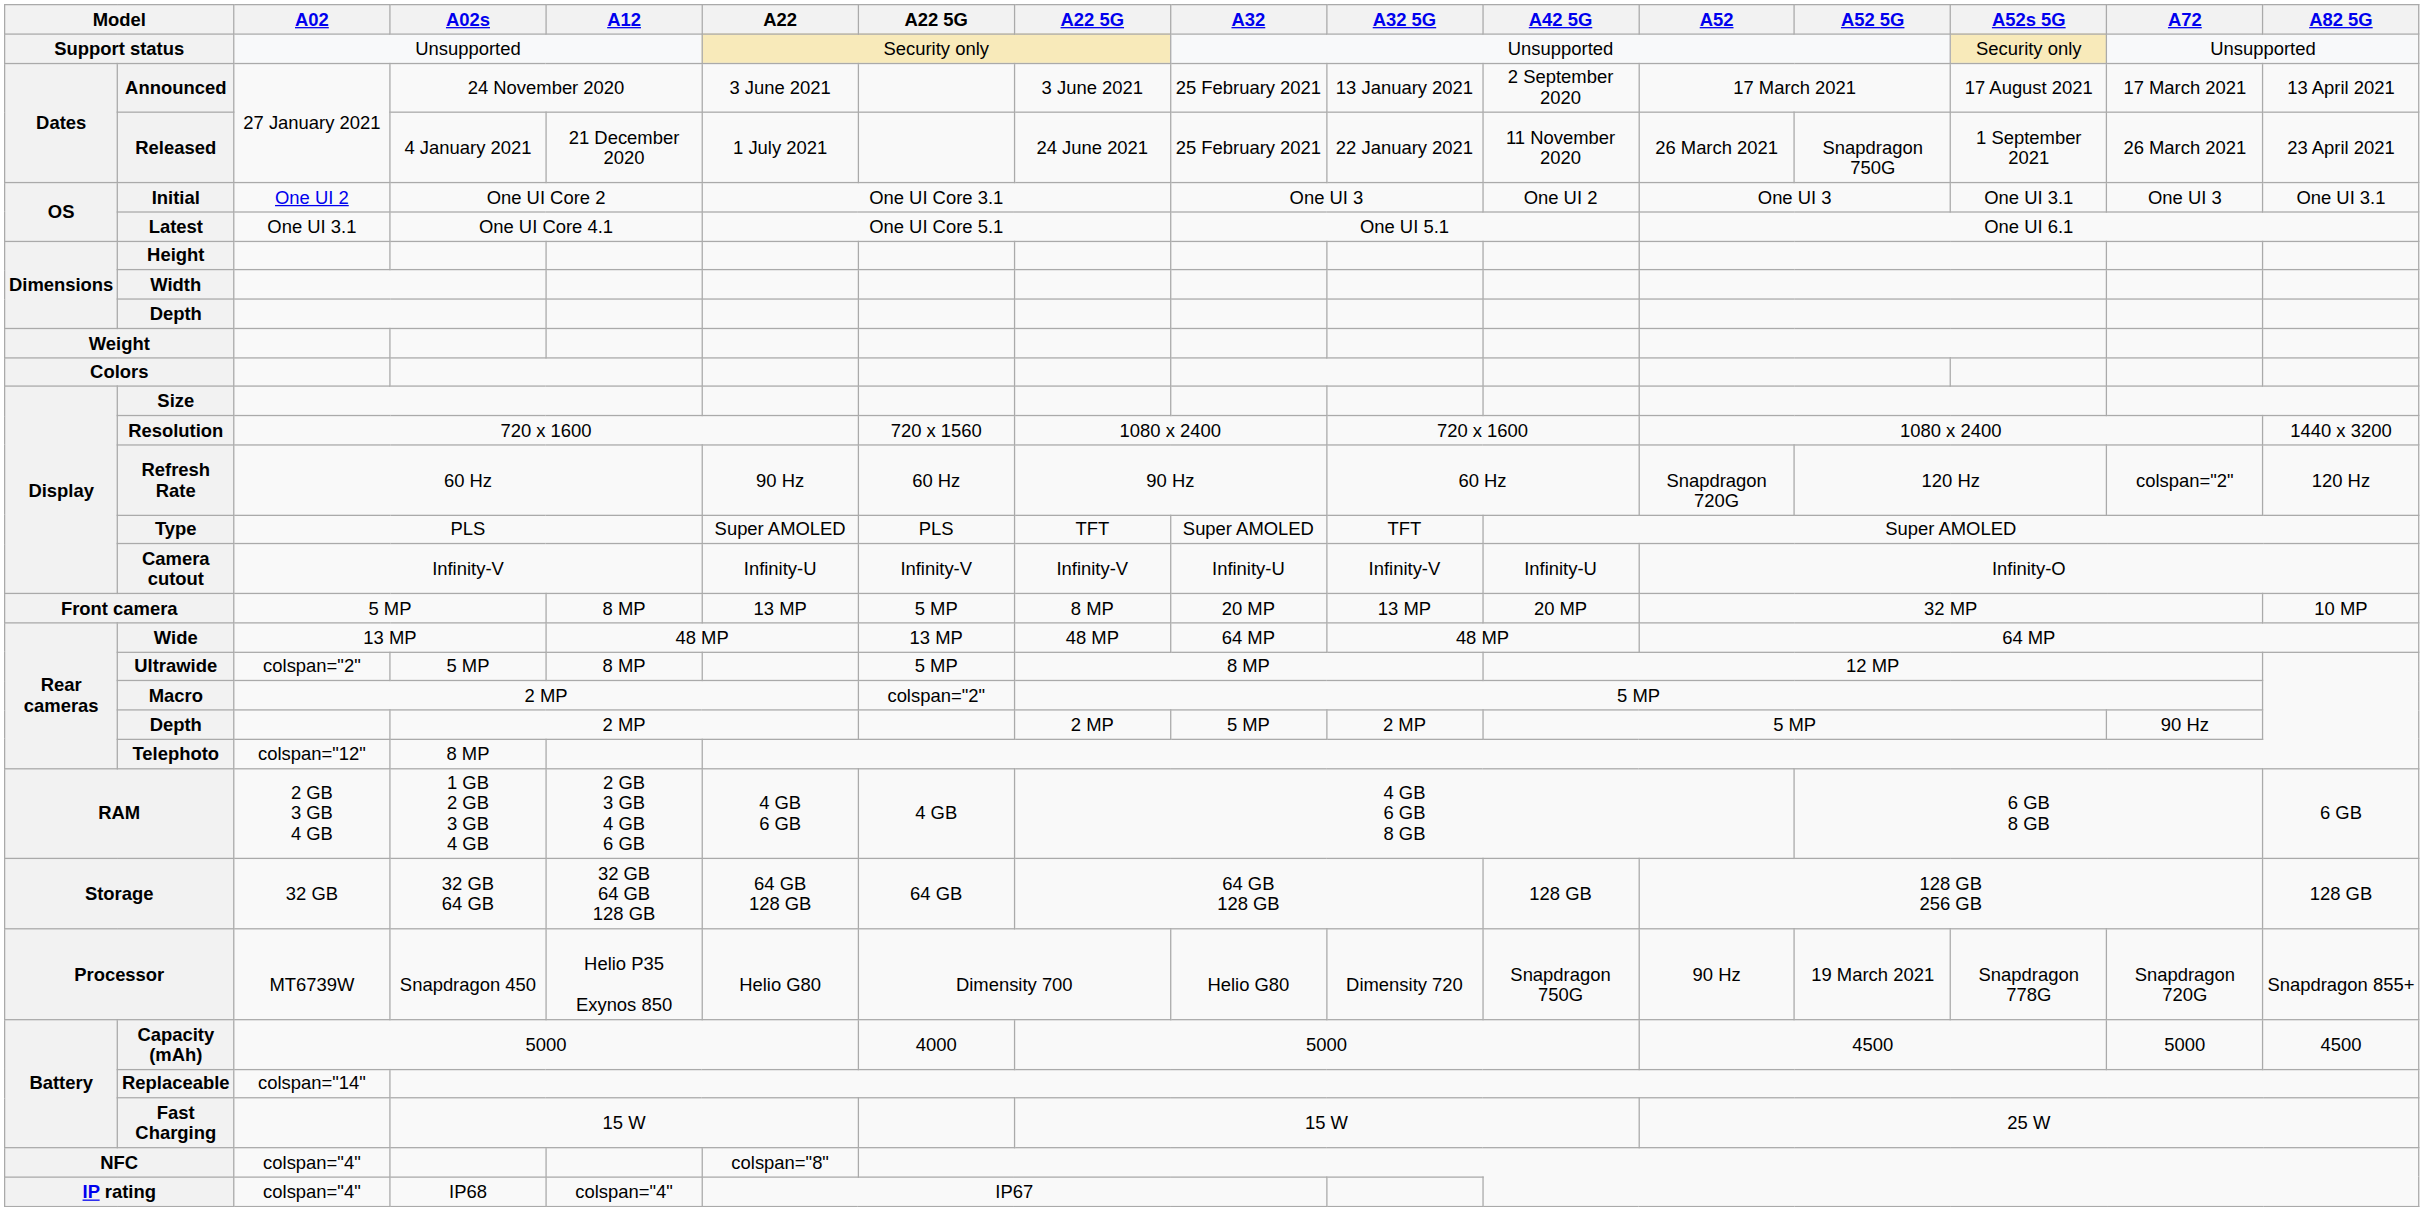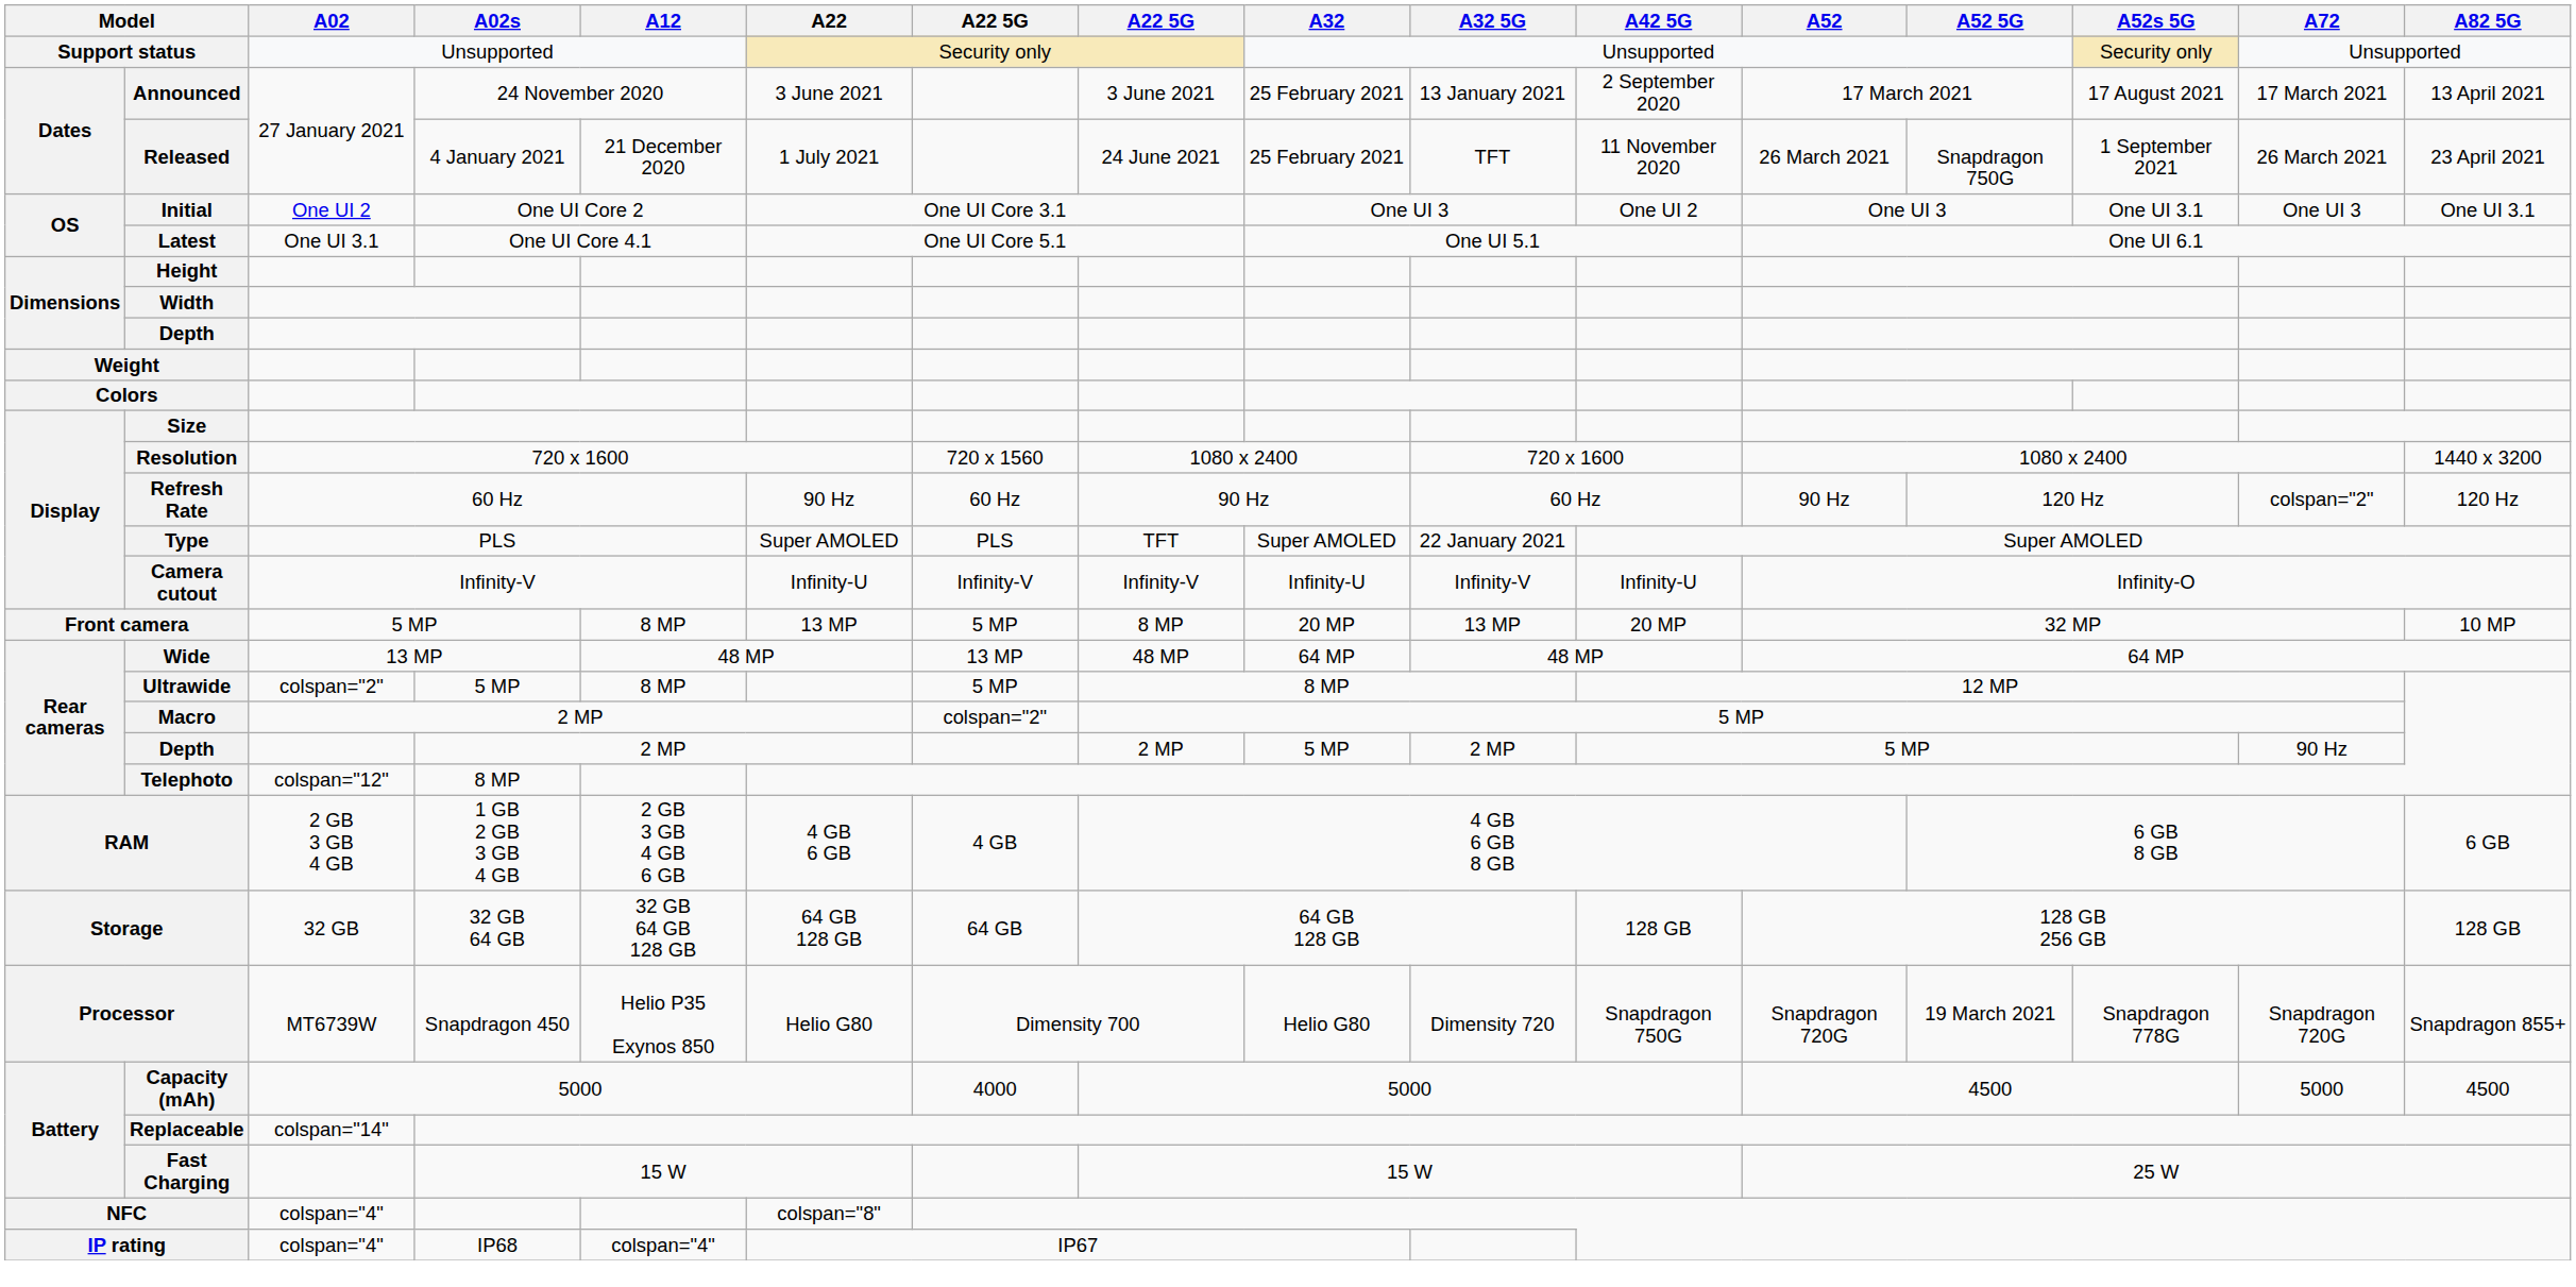 <table class="wikitable" style="text-align:center; font-size:90%;">
 <tr>
 <th colspan="2">Model</th>
 <th style="min-width: 8em"><a href='#'>A02</a></th>
 <th style="min-width: 8em"><a href='#'>A02s</a></th>
 <th style="min-width: 8em"><a href='#'>A12</a></th>
 <th style="min-width: 8em">A22</th>
 <th style="min-width: 8em">A22 5G<br></th>
 <th style="min-width: 8em"><a href='#'>A22 5G</a></th>
 <th style="min-width: 8em"><a href='#'>A32</a></th>
 <th style="min-width: 8em"><a href='#'>A32 5G</a></th>
 <th style="min-width: 8em"><a href='#'>A42 5G</a></th>
 <th style="min-width: 8em"><a href='#'>A52</a></th>
 <th style="min-width: 8em"><a href='#'>A52 5G</a></th>
 <th style="min-width: 8em"><a href='#'>A52s 5G</a></th>
 <th style="min-width: 8em"><a href='#'>A72</a></th>
 <th style="min-width: 8em"><a href='#'>A82 5G</a></th>
 </tr>
 <tr>
 <th colspan="2">Support status</th>
 <td style="background:#f8f9fa" colspan="3">Unsupported</td>
 <td style="background:#f8eaba" colspan="3">Security only</td>
 <td style="background:#f8f9fa" colspan="5">Unsupported</td>
 <td style="background:#f8eaba" colspan="1">Security only</td>
 <td style="background:#f8f9fa" colspan="2">Unsupported</td>
 </tr>
 <tr>
 <th rowspan="2">Dates</th>
 <th>Announced</th>
 <td rowspan="2">27 January 2021</td>
 <td colspan="2">24 November 2020</td>
 <td>3 June 2021</td>
 <td></td>
 <td>3 June 2021</td>
 <td>25 February 2021</td>
 <td>13 January 2021</td>
 <td>2 September 2020</td>
 <td colspan="2">17 March 2021</td>
 <td>17 August 2021</td>
 <td>17 March 2021</td>
 <td>13 April 2021</td>
 </tr>
 <tr>
 <th>Released</th>
 <td>4 January 2021</td>
 <td>21 December 2020</td>
 <td>1 July 2021</td>
 <td></td>
 <td>24 June 2021</td>
 <td>25 February 2021</td>
-<td>22 January 2021</td>
+<td>TFT</td>
 <td>11 November 2020</td>
 <td>26 March 2021</td>
 <td><br>Snapdragon 750G</td>
 <td>1 September 2021</td>
 <td>26 March 2021</td>
 <td>23 April 2021</td>
 </tr>
 <tr>
 <th rowspan="2">OS</th>
 <th>Initial</th>
 <td><a href='#'>One UI 2</a><br></td>
 <td colspan="2">One UI Core 2<br></td>
 <td colspan="3">One UI Core 3.1<br></td>
 <td colspan="2">One UI 3<br></td>
 <td>One UI 2<br></td>
 <td colspan="2">One UI 3<br></td>
 <td>One UI 3.1<br></td>
 <td>One UI 3<br></td>
 <td>One UI 3.1<br></td>
 </tr>
 <tr>
 <th>Latest</th>
 <td>One UI 3.1<br></td>
 <td colspan="2">One UI Core 4.1<br></td>
 <td colspan="3">One UI Core 5.1<br></td>
 <td colspan="3">One UI 5.1<br></td>
 <td colspan="5">One UI 6.1<br></td>
 </tr>
 <tr>
 <th rowspan="3">Dimensions<br></th>
 <th>Height</th>
 <td></td>
 <td></td>
 <td></td>
 <td></td>
 <td></td>
 <td></td>
 <td></td>
 <td></td>
 <td></td>
 <td colspan="3"></td>
 <td></td>
 <td></td>
 </tr>
 <tr>
 <th>Width</th>
 <td colspan="2"></td>
 <td></td>
 <td></td>
 <td></td>
 <td></td>
 <td></td>
 <td></td>
 <td></td>
 <td colspan="3"></td>
 <td></td>
 <td></td>
 </tr>
 <tr>
 <th>Depth</th>
 <td colspan="2"></td>
 <td></td>
 <td></td>
 <td></td>
 <td></td>
 <td></td>
 <td></td>
 <td></td>
 <td colspan="3"></td>
 <td></td>
 <td></td>
 </tr>
 <tr>
 <th colspan="2">Weight<br></th>
 <td></td>
 <td></td>
 <td></td>
 <td></td>
 <td></td>
 <td></td>
 <td></td>
 <td></td>
 <td></td>
 <td colspan="3"></td>
 <td></td>
 <td></td>
 </tr>
 <tr>
 <th colspan="2">Colors</th>
 <td> </td>
 <td colspan="2">   </td>
 <td>   </td>
 <td>  </td>
 <td>   </td>
 <td colspan="2">   </td>
 <td>  </td>
 <td colspan="2">   </td>
 <td>   </td>
 <td>   </td>
 <td>  </td>
 </tr>
 <tr>
 <th rowspan="5">Display</th>
 <th>Size</th>
 <td colspan="3"></td>
 <td></td>
 <td></td>
 <td></td>
 <td></td>
 <td></td>
 <td></td>
 <td colspan="3"></td>
 <td colspan="2"></td>
 </tr>
 <tr>
 <th>Resolution</th>
 <td colspan="4">720 x 1600</td>
 <td>720 x 1560</td>
 <td colspan="2">1080 x 2400</td>
 <td colspan="2">720 x 1600</td>
 <td colspan="4">1080 x 2400</td>
 <td>1440 x 3200</td>
 </tr>
 <tr>
 <th>Refresh Rate</th>
 <td colspan="3">60 Hz</td>
 <td>90 Hz</td>
 <td>60 Hz</td>
 <td colspan="2">90 Hz</td>
 <td colspan="2">60 Hz</td>
-<td><br>Snapdragon 720G</td>
+<td>90 Hz</td>
 <td colspan="2">120 Hz</td>
 <td>colspan="2" </td>
 <td>120 Hz</td>
 </tr>
 <tr>
 <th>Type</th>
 <td colspan="3">PLS</td>
 <td>Super AMOLED</td>
 <td>PLS</td>
 <td>TFT</td>
 <td>Super AMOLED</td>
-<td>TFT</td>
+<td>22 January 2021</td>
 <td colspan="6">Super AMOLED</td>
 </tr>
 <tr>
 <th>Camera cutout</th>
 <td colspan="3">Infinity-V</td>
 <td>Infinity-U</td>
 <td>Infinity-V</td>
 <td>Infinity-V</td>
 <td>Infinity-U</td>
 <td>Infinity-V</td>
 <td>Infinity-U</td>
 <td colspan="5">Infinity-O</td>
 </tr>
 <tr>
 <th colspan="2">Front camera</th>
 <td colspan="2">5 MP</td>
 <td>8 MP</td>
 <td>13 MP</td>
 <td>5 MP</td>
 <td>8 MP</td>
 <td>20 MP</td>
 <td>13 MP</td>
 <td>20 MP</td>
 <td colspan="4">32 MP</td>
 <td>10 MP</td>
 </tr>
 <tr>
 <th rowspan="5">Rear cameras</th>
 <th>Wide</th>
 <td colspan="2">13 MP</td>
 <td colspan="2">48 MP</td>
 <td>13 MP</td>
 <td>48 MP</td>
 <td>64 MP</td>
 <td colspan="2">48 MP</td>
 <td colspan="5">64 MP</td>
 </tr>
 <tr>
 <th>Ultrawide</th>
 <td>colspan="2" </td>
 <td>5 MP</td>
 <td>8 MP</td>
 <td></td>
 <td>5 MP</td>
 <td colspan="3">8 MP</td>
 <td colspan="5">12 MP</td>
 </tr>
 <tr>
 <th>Macro</th>
 <td colspan="4">2 MP</td>
 <td>colspan="2" </td>
 <td colspan="8">5 MP</td>
 </tr>
 <tr>
 <th>Depth</th>
 <td></td>
 <td colspan="3">2 MP</td>
 <td></td>
 <td>2 MP</td>
 <td>5 MP</td>
 <td>2 MP</td>
 <td colspan="4">5 MP</td>
 <td>90 Hz</td>
 </tr>
 <tr>
 <th>Telephoto</th>
 <td>colspan="12" </td>
 <td>8 MP</td>
 <td></td>
 </tr>
 <tr>
 <th colspan="2">RAM</th>
 <td>2 GB<br>3 GB<br>4 GB</td>
 <td>1 GB<br>2 GB<br>3 GB<br>4 GB</td>
 <td>2 GB<br>3 GB<br>4 GB<br>6 GB</td>
 <td>4 GB<br>6 GB</td>
 <td>4 GB</td>
 <td colspan="5">4 GB<br>6 GB<br>8 GB</td>
 <td colspan="3">6 GB<br>8 GB</td>
 <td>6 GB</td>
 </tr>
 <tr>
 <th colspan="2">Storage</th>
 <td>32 GB</td>
 <td>32 GB<br>64 GB</td>
 <td>32 GB<br>64 GB<br>128 GB</td>
 <td>64 GB<br>128 GB</td>
 <td>64 GB</td>
 <td colspan="3">64 GB<br>128 GB</td>
 <td>128 GB</td>
 <td colspan="4">128 GB<br>256 GB</td>
 <td>128 GB</td>
 </tr>
 <tr>
 <th colspan="2">Processor</th>
 <td><br>MT6739W</td>
 <td><br>Snapdragon 450</td>
 <td><br>Helio P35<br><br>Exynos 850</td>
 <td><br>Helio G80</td>
 <td colspan="2"><br>Dimensity 700</td>
 <td><br>Helio G80</td>
 <td><br>Dimensity 720</td>
 <td><br>Snapdragon 750G</td>
-<td>90 Hz</td>
+<td><br>Snapdragon 720G</td>
 <td>19 March 2021</td>
 <td><br>Snapdragon 778G</td>
 <td><br>Snapdragon 720G</td>
 <td><br>Snapdragon 855+</td>
 </tr>
 <tr>
 <th rowspan="3">Battery</th>
 <th>Capacity (mAh)</th>
 <td colspan="4">5000</td>
 <td>4000</td>
 <td colspan="4">5000</td>
 <td colspan="3">4500</td>
 <td>5000</td>
 <td>4500</td>
 </tr>
 <tr>
 <th>Replaceable</th>
 <td>colspan="14" </td>
 </tr>
 <tr>
 <th>Fast Charging</th>
 <td></td>
 <td colspan="3">15 W</td>
 <td></td>
 <td colspan="4">15 W</td>
 <td colspan="5">25 W</td>
 </tr>
 <tr>
 <th colspan="2">NFC</th>
 <td>colspan="4" </td>
 <td></td>
 <td></td>
 <td>colspan="8" </td>
 </tr>
 <tr>
 <th colspan="2"><a href='#'>IP</a> rating</th>
 <td>colspan="4" </td>
 <td>IP68</td>
 <td>colspan="4" </td>
 <td colspan="4">IP67</td>
 <td></td>
 </tr>
 </table>
